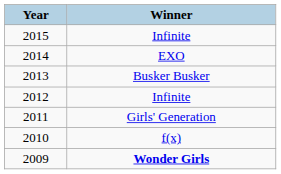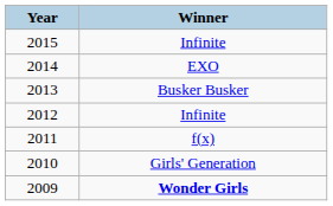 <table class="wikitable" style="text-align: center">
 <tr>
 <th width="70" style="background:#b3d1e3;">Year</th>
 <th width="250" style="background:#b3d1e3;">Winner</th>
 </tr>
 <tr>
 <td>2015</td>
 <td><a href='#'>Infinite</a></td>
 </tr>
 <tr>
 <td>2014</td>
 <td><a href='#'>EXO</a></td>
 </tr>
 <tr>
 <td>2013</td>
 <td><a href='#'>Busker Busker</a></td>
 </tr>
 <tr>
 <td>2012</td>
 <td><a href='#'>Infinite</a></td>
 </tr>
 <tr>
 <td>2011</td>
-<td><a href='#'>Girls' Generation</a></td>
+<td><a href='#'>f(x)</a></td>
 </tr>
 <tr>
 <td>2010</td>
-<td><a href='#'>f(x)</a></td>
+<td><a href='#'>Girls' Generation</a></td>
 </tr>
 <tr>
 <td>2009</td>
 <td><strong><a href='#'>Wonder Girls</a></strong></td>
 </tr>
 </table>
